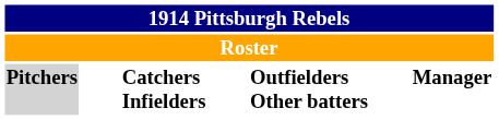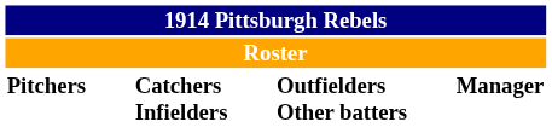 <table class="toccolours" style="font-size: 95%;">
 <tr>
 <th colspan="10" style="background-color: navy; color: white; text-align: center;">1914 Pittsburgh Rebels</th>
 </tr>
 <tr>
 <td colspan="10" style="background-color: orange; color: white; text-align: center;"><strong>Roster</strong></td>
 </tr>
 <tr>
-<td valign="top" style="background: lightgrey;"><strong>Pitchers</strong><br>        </td>
+<td valign="top"><strong>Pitchers</strong><br>        </td>
 <td width="25px"></td>
 <td valign="top"><strong>Catchers</strong><br>    <strong>Infielders</strong>        </td>
 <td width="25px"></td>
 <td valign="top"><strong>Outfielders</strong><br>        <strong>Other batters</strong> </td>
 <td width="25px"></td>
 <td valign="top"><strong>Manager</strong><br> </td>
 </tr>
 </table>
